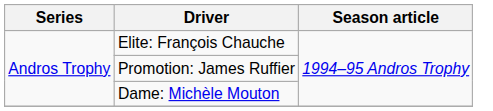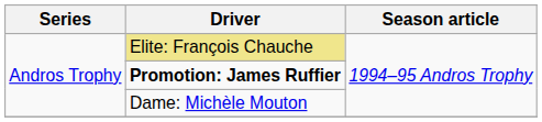 <table class="wikitable" style="font-size: 87%;">
 <tr>
 <th>Series</th>
 <th>Driver</th>
 <th>Season article</th>
 </tr>
 <tr>
 <td rowspan=3><a href='#'>Andros Trophy</a></td>
-<td>Elite:  François Chauche</td>
+<td style="background: khaki;">Elite:  François Chauche</td>
 <td rowspan=3><em><a href='#'>1994–95 Andros Trophy</a></em></td>
 </tr>
 <tr>
-<td>Promotion:  James Ruffier</td>
+<td><strong>Promotion:  James Ruffier</strong></td>
 </tr>
 <tr>
 <td>Dame:  <a href='#'>Michèle Mouton</a></td>
 </tr>
 <tr>
 </tr>
 </table>
